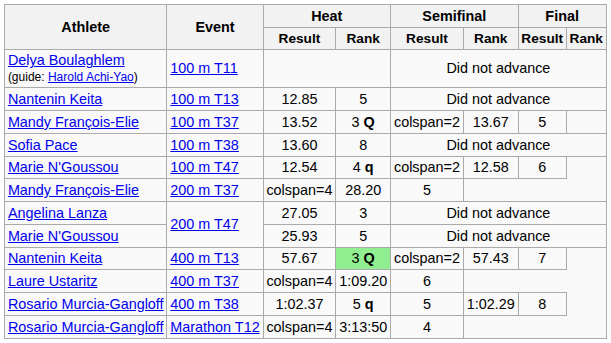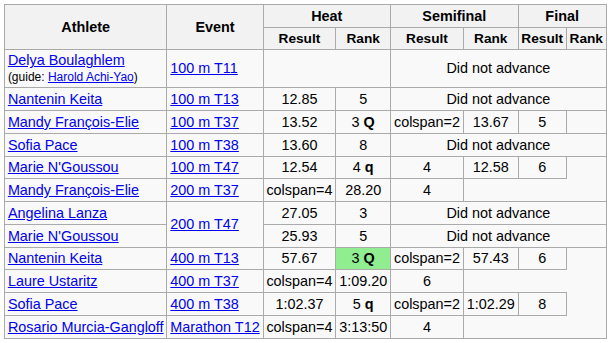 <table class="wikitable" style="font-size:90%">
 <tr>
 <th rowspan="2">Athlete</th>
 <th rowspan="2">Event</th>
 <th colspan="2">Heat</th>
 <th colspan="2">Semifinal</th>
 <th colspan="2">Final</th>
 </tr>
 <tr style="font-size:95%">
 <th>Result</th>
 <th>Rank</th>
 <th>Result</th>
 <th>Rank</th>
 <th>Result</th>
 <th>Rank</th>
 </tr>
 <tr align=center>
 <td align=left><a href='#'>Delya Boulaghlem</a><br><small>(guide: <a href='#'>Harold Achi-Yao</a>)</small></td>
 <td align=left><a href='#'>100 m T11</a></td>
 <td colspan=2></td>
 <td colspan=4>Did not advance</td>
 </tr>
 <tr align=center>
 <td align=left><a href='#'>Nantenin Keita</a></td>
 <td align=left><a href='#'>100 m T13</a></td>
 <td>12.85</td>
 <td>5</td>
 <td colspan=4>Did not advance</td>
 </tr>
 <tr align=center>
 <td align=left><a href='#'>Mandy François-Elie</a></td>
 <td align=left><a href='#'>100 m T37</a></td>
 <td>13.52</td>
 <td>3 <strong>Q</strong></td>
 <td>colspan=2 </td>
 <td>13.67</td>
 <td>5</td>
 </tr>
 <tr align=center>
 <td align=left><a href='#'>Sofia Pace</a></td>
 <td align=left><a href='#'>100 m T38</a></td>
 <td>13.60</td>
 <td>8</td>
 <td colspan=4>Did not advance</td>
 </tr>
 <tr align=center>
 <td align=left><a href='#'>Marie N'Goussou</a></td>
 <td align=left><a href='#'>100 m T47</a></td>
 <td>12.54</td>
 <td>4 <strong>q</strong></td>
-<td>colspan=2 </td>
+<td>4</td>
 <td>12.58</td>
 <td>6</td>
 </tr>
 <tr align=center>
 <td align=left><a href='#'>Mandy François-Elie</a></td>
 <td align=left><a href='#'>200 m T37</a></td>
 <td>colspan=4 </td>
 <td>28.20</td>
-<td>5</td>
+<td>4</td>
 </tr>
 <tr align=center>
 <td align=left><a href='#'>Angelina Lanza</a></td>
 <td align=left rowspan=2><a href='#'>200 m T47</a></td>
 <td>27.05</td>
 <td>3</td>
 <td colspan=4>Did not advance</td>
 </tr>
 <tr align=center>
 <td align=left><a href='#'>Marie N'Goussou</a></td>
 <td>25.93</td>
 <td>5</td>
 <td colspan=4>Did not advance</td>
 </tr>
 <tr align=center>
 <td align=left><a href='#'>Nantenin Keita</a></td>
 <td align=left><a href='#'>400 m T13</a></td>
 <td>57.67</td>
 <td style="background: lightgreen;">3 <strong>Q</strong></td>
 <td>colspan=2 </td>
 <td>57.43</td>
-<td>7</td>
+<td>6</td>
 </tr>
 <tr align=center>
 <td align=left><a href='#'>Laure Ustaritz</a></td>
 <td align=left><a href='#'>400 m T37</a></td>
 <td>colspan=4 </td>
 <td>1:09.20</td>
 <td>6</td>
 </tr>
 <tr align=center>
-<td align=left><a href='#'>Rosario Murcia-Gangloff</a></td>
+<td align=left><a href='#'>Sofia Pace</a></td>
 <td align=left><a href='#'>400 m T38</a></td>
 <td>1:02.37</td>
 <td>5 <strong>q</strong></td>
-<td>5</td>
+<td>colspan=2 </td>
 <td>1:02.29</td>
 <td>8</td>
 </tr>
 <tr align=center>
 <td align=left><a href='#'>Rosario Murcia-Gangloff</a></td>
 <td align=left><a href='#'>Marathon T12</a></td>
 <td>colspan=4 </td>
 <td>3:13:50</td>
 <td>4</td>
 </tr>
 </table>
